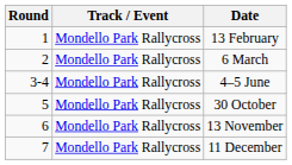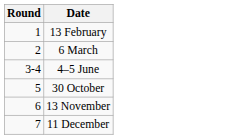 <table class="wikitable" style="text–align:centre">
 <tr>
 <th>Round</th>
-<th>Track / Event</th>
 <th>Date</th>
 </tr>
 <tr>
 <td align="right">1</td>
-<td align="left"><a href='#'>Mondello Park</a> Rallycross</td>
 <td align="center">13 February</td>
 </tr>
 <tr>
 <td align="right">2</td>
-<td align="left"><a href='#'>Mondello Park</a> Rallycross</td>
 <td align="center">6 March</td>
 </tr>
 <tr>
 <td align="right">3-4</td>
-<td align="left"><a href='#'>Mondello Park</a> Rallycross</td>
 <td align="center">4–5 June</td>
 </tr>
 <tr>
 <td align="right">5</td>
-<td align="left"><a href='#'>Mondello Park</a> Rallycross</td>
 <td align="center">30 October</td>
 </tr>
 <tr>
 <td align="right">6</td>
-<td align="left"><a href='#'>Mondello Park</a> Rallycross</td>
 <td align="center">13 November</td>
 </tr>
 <tr>
 <td align="right">7</td>
-<td align="left"><a href='#'>Mondello Park</a> Rallycross</td>
 <td align="center">11 December</td>
 </tr>
 </table>
